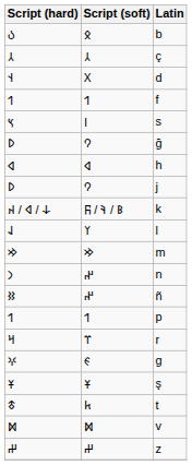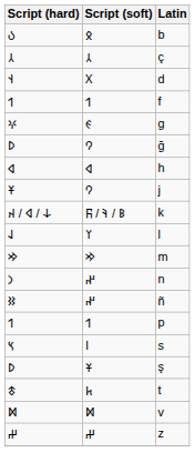 <table class="wikitable">
 <tr>
 <th>Script (hard)</th>
 <th>Script (soft)</th>
 <th>Latin</th>
 </tr>
 <tr>
 <td>𐰉‎‎</td>
 <td>𐰋‎‎</td>
 <td>b</td>
 </tr>
 <tr>
 <td>𐰲‎‎</td>
 <td>𐰲‎‎</td>
 <td>ç</td>
 </tr>
 <tr>
 <td>𐰭</td>
 <td>𐰓‎</td>
 <td>d</td>
 </tr>
 <tr>
 <td>𐰯</td>
 <td>𐰯‎</td>
 <td>f</td>
 </tr>
 <tr>
-<td>𐰽‎</td>
-<td>𐰾‎</td>
-<td>s</td>
+<td>𐰍‎‎</td>
+<td>𐰏‎‎</td>
+<td>g</td>
 </tr>
 <tr>
 <td>𐰖‎‎</td>
 <td>𐰘‎‎</td>
 <td>ğ</td>
 </tr>
 <tr>
 <td>𐰶‎‎</td>
 <td>𐰶‎‎</td>
 <td>h</td>
 </tr>
 <tr>
-<td>𐰖‎‎</td>
+<td>𐱁‎‎</td>
 <td>𐰘‎‎</td>
 <td>j</td>
 </tr>
 <tr>
 <td>𐰴‎‎ / 𐰶‎‎ / 𐰸</td>
 <td>𐰚 / 𐰜‎‎ / 𐰝‎‎‎‎</td>
 <td>k</td>
 </tr>
 <tr>
 <td>𐰞‎‎</td>
 <td>𐰠‎</td>
 <td>l</td>
 </tr>
 <tr>
 <td>𐰢</td>
 <td>𐰢‎</td>
 <td>m</td>
 </tr>
 <tr>
 <td>𐰣‎</td>
 <td>𐰤‎‎</td>
 <td>n</td>
 </tr>
 <tr>
 <td>𐰑‎‎</td>
 <td>‎‎𐰤‎‎</td>
 <td>ñ</td>
 </tr>
 <tr>
 <td>𐰯</td>
 <td>𐰯‎</td>
 <td>p</td>
 </tr>
 <tr>
-<td>𐰺‎‎</td>
-<td>𐰼‎</td>
-<td>r</td>
+<td>𐰽‎</td>
+<td>𐰾‎</td>
+<td>s</td>
 </tr>
 <tr>
-<td>𐰍‎‎</td>
-<td>𐰏‎‎</td>
-<td>g</td>
-</tr>
-<tr>
-<td>𐱁‎‎</td>
+<td>𐰖‎‎</td>
 <td>𐱁‎‎</td>
 <td>ş</td>
 </tr>
 <tr>
 <td>𐱃‎‎</td>
 <td>𐱅‎‎</td>
 <td>t</td>
 </tr>
 <tr>
 <td>𐱈‎</td>
 <td>𐱈‎</td>
 <td>v</td>
 </tr>
 <tr>
 <td>𐰔‎‎</td>
 <td>𐰔‎‎</td>
 <td>z</td>
 </tr>
 <tr>
 </tr>
 </table>
